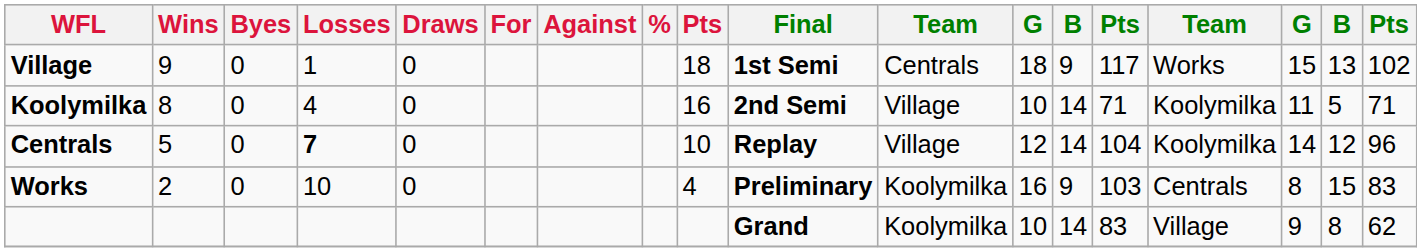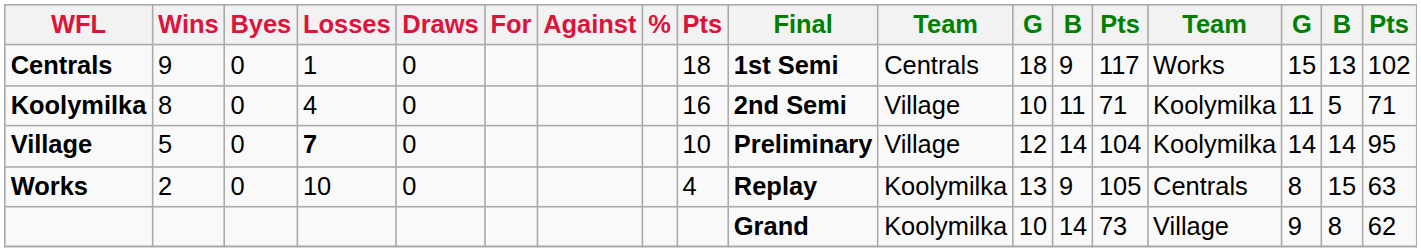 <table class="wikitable">
 <tr>
 <th style="color:crimson">WFL</th>
 <th style="color:crimson">Wins</th>
 <th style="color:crimson">Byes</th>
 <th style="color:crimson">Losses</th>
 <th style="color:crimson">Draws</th>
 <th style="color:crimson">For</th>
 <th style="color:crimson">Against</th>
 <th style="color:crimson">%</th>
 <th style="color:crimson">Pts</th>
 <th style="color:green">Final</th>
 <th style="color:green">Team</th>
 <th style="color:green">G</th>
 <th style="color:green">B</th>
 <th style="color:green">Pts</th>
 <th style="color:green">Team</th>
 <th style="color:green">G</th>
 <th style="color:green">B</th>
 <th style="color:green">Pts</th>
 </tr>
 <tr>
-<td><strong>	Village	</strong></td>
+<td><strong>	Centrals	</strong></td>
 <td>9</td>
 <td>0</td>
 <td>1</td>
 <td>0</td>
 <td></td>
 <td></td>
 <td></td>
 <td>18</td>
 <td><strong>1st Semi</strong></td>
 <td>Centrals</td>
 <td>18</td>
 <td>9</td>
 <td>117</td>
 <td>Works</td>
 <td>15</td>
 <td>13</td>
 <td>102</td>
 </tr>
 <tr>
 <td><strong>	Koolymilka	</strong></td>
 <td>8</td>
 <td>0</td>
 <td>4</td>
 <td>0</td>
 <td></td>
 <td></td>
 <td></td>
 <td>16</td>
 <td><strong>2nd Semi</strong></td>
 <td>Village</td>
 <td>10</td>
-<td>14</td>
+<td>11</td>
 <td>71</td>
 <td>Koolymilka</td>
 <td>11</td>
 <td>5</td>
 <td>71</td>
 </tr>
 <tr>
-<td><strong>	Centrals	</strong></td>
+<td><strong>	Village	</strong></td>
 <td>5</td>
 <td>0</td>
 <td><strong>7</strong></td>
 <td>0</td>
 <td></td>
 <td></td>
 <td></td>
 <td>10</td>
-<td><strong>Replay</strong></td>
+<td><strong>Preliminary</strong></td>
 <td>Village</td>
 <td>12</td>
 <td>14</td>
 <td>104</td>
 <td>Koolymilka</td>
 <td>14</td>
-<td>12</td>
-<td>96</td>
+<td>14</td>
+<td>95</td>
 </tr>
 <tr>
 <td><strong>	Works	</strong></td>
 <td>2</td>
 <td>0</td>
 <td>10</td>
 <td>0</td>
 <td></td>
 <td></td>
 <td></td>
 <td>4</td>
-<td><strong>Preliminary</strong></td>
+<td><strong>Replay</strong></td>
 <td>Koolymilka</td>
-<td>16</td>
+<td>13</td>
 <td>9</td>
-<td>103</td>
+<td>105</td>
 <td>Centrals</td>
 <td>8</td>
 <td>15</td>
-<td>83</td>
+<td>63</td>
 </tr>
 <tr>
 <td><strong>		</strong></td>
 <td></td>
 <td></td>
 <td></td>
 <td></td>
 <td></td>
 <td></td>
 <td></td>
 <td></td>
 <td><strong>Grand</strong></td>
 <td>Koolymilka</td>
 <td>10</td>
 <td>14</td>
-<td>83</td>
+<td>73</td>
 <td>Village</td>
 <td>9</td>
 <td>8</td>
 <td>62</td>
 </tr>
 <tr>
 </tr>
 </table>
